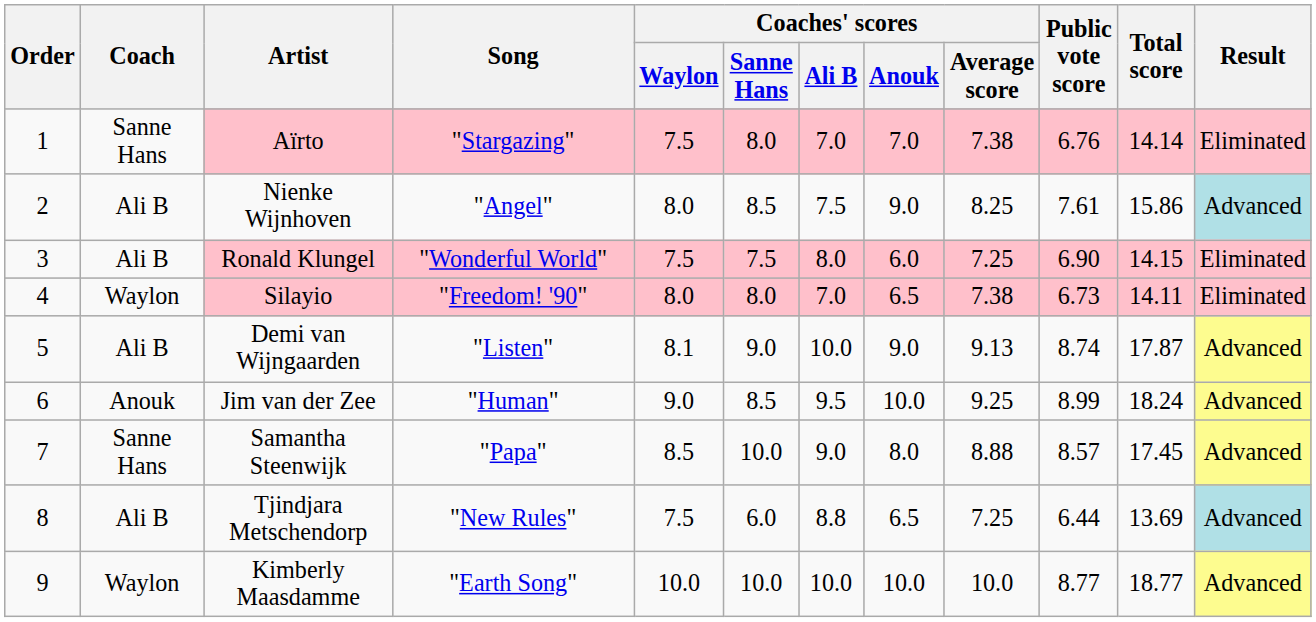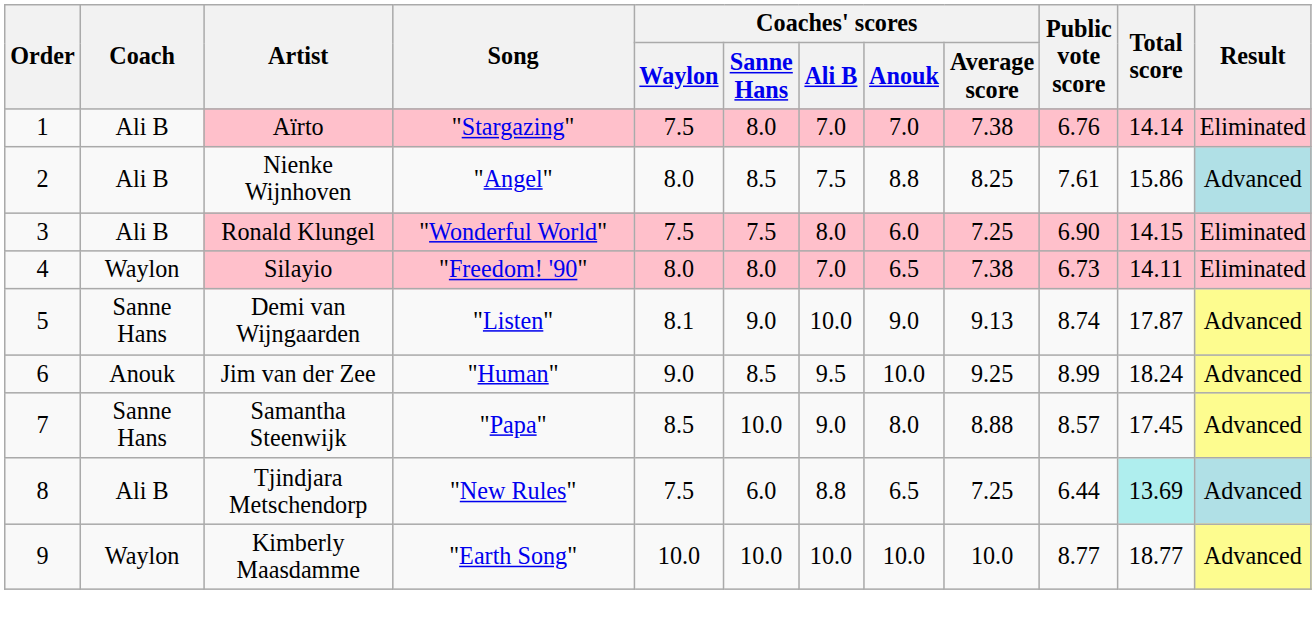 <table class="wikitable" style="text-align:center; width:98%;">
 <tr>
 <th scope="col" rowspan="2" style="width:05%;">Order</th>
 <th scope="col" rowspan="2" style="width:10%;">Coach</th>
 <th scope="col" rowspan="2" style="width:15%;">Artist</th>
 <th scope="col" rowspan="2" style="width:20%;">Song</th>
 <th scope="col" colspan="5" style="width:20%;">Coaches' scores</th>
 <th scope="col" rowspan="2" style="width:6%;">Public vote score</th>
 <th scope="col" rowspan="2" style="width:6%;">Total score</th>
 <th scope="col" rowspan="2" style="width:8%;">Result</th>
 </tr>
 <tr>
 <th style="width:5%;"><a href='#'>Waylon</a></th>
 <th style="width:5%;"><a href='#'>Sanne Hans</a></th>
 <th nowrap style="width:5%;"><a href='#'>Ali B</a></th>
 <th style="width:5%;"><a href='#'>Anouk</a></th>
 <th style="width:7%;">Average score</th>
 </tr>
 <tr>
 <td>1</td>
-<td>Sanne Hans</td>
+<td>Ali B</td>
 <td style="background:pink">Aïrto</td>
 <td style="background:pink">"<a href='#'>Stargazing</a>"</td>
 <td style="background:pink">7.5</td>
 <td style="background:pink">8.0</td>
 <td style="background:pink">7.0</td>
 <td style="background:pink">7.0</td>
 <td style="background:pink">7.38</td>
 <td style="background:pink">6.76</td>
 <td style="background:pink">14.14</td>
 <td style="background:pink">Eliminated</td>
 </tr>
 <tr>
 <td>2</td>
 <td>Ali B</td>
 <td>Nienke Wijnhoven</td>
 <td>"<a href='#'>Angel</a>"</td>
 <td>8.0</td>
 <td>8.5</td>
 <td>7.5</td>
-<td>9.0</td>
+<td>8.8</td>
 <td>8.25</td>
 <td>7.61</td>
 <td>15.86</td>
 <td style="background:#B0E0E6">Advanced</td>
 </tr>
 <tr>
 <td>3</td>
 <td>Ali B</td>
 <td style="background:pink">Ronald Klungel</td>
 <td style="background:pink">"<a href='#'>Wonderful World</a>"</td>
 <td style="background:pink">7.5</td>
 <td style="background:pink">7.5</td>
 <td style="background:pink">8.0</td>
 <td style="background:pink">6.0</td>
 <td style="background:pink">7.25</td>
 <td style="background:pink">6.90</td>
 <td style="background:pink">14.15</td>
 <td style="background:pink">Eliminated</td>
 </tr>
 <tr>
 <td>4</td>
 <td>Waylon</td>
 <td style="background:pink">Silayio</td>
 <td style="background:pink">"<a href='#'>Freedom! '90</a>"</td>
 <td style="background:pink">8.0</td>
 <td style="background:pink">8.0</td>
 <td style="background:pink">7.0</td>
 <td style="background:pink">6.5</td>
 <td style="background:pink">7.38</td>
 <td style="background:pink">6.73</td>
 <td style="background:pink">14.11</td>
 <td style="background:pink">Eliminated</td>
 </tr>
 <tr>
 <td>5</td>
-<td>Ali B</td>
+<td>Sanne Hans</td>
 <td>Demi van Wijngaarden</td>
 <td>"<a href='#'>Listen</a>"</td>
 <td>8.1</td>
 <td>9.0</td>
 <td>10.0</td>
 <td>9.0</td>
 <td>9.13</td>
 <td>8.74</td>
 <td>17.87</td>
 <td style="background:#fdfc8f;">Advanced</td>
 </tr>
 <tr>
 <td>6</td>
 <td>Anouk</td>
 <td>Jim van der Zee</td>
 <td>"<a href='#'>Human</a>"</td>
 <td>9.0</td>
 <td>8.5</td>
 <td>9.5</td>
 <td>10.0</td>
 <td>9.25</td>
 <td>8.99</td>
 <td>18.24</td>
 <td style="background:#fdfc8f;">Advanced</td>
 </tr>
 <tr>
 <td>7</td>
 <td>Sanne Hans</td>
 <td>Samantha Steenwijk</td>
 <td>"<a href='#'>Papa</a>"</td>
 <td>8.5</td>
 <td>10.0</td>
 <td>9.0</td>
 <td>8.0</td>
 <td>8.88</td>
 <td>8.57</td>
 <td>17.45</td>
 <td style="background:#fdfc8f;">Advanced</td>
 </tr>
 <tr>
 <td>8</td>
 <td>Ali B</td>
 <td>Tjindjara Metschendorp</td>
 <td>"<a href='#'>New Rules</a>"</td>
 <td>7.5</td>
 <td>6.0</td>
 <td>8.8</td>
 <td>6.5</td>
 <td>7.25</td>
 <td>6.44</td>
-<td>13.69</td>
+<td style="background: paleturquoise;">13.69</td>
 <td style="background:#B0E0E6">Advanced</td>
 </tr>
 <tr>
 <td>9</td>
 <td>Waylon</td>
 <td>Kimberly Maasdamme</td>
 <td>"<a href='#'>Earth Song</a>"</td>
 <td>10.0</td>
 <td>10.0</td>
 <td>10.0</td>
 <td>10.0</td>
 <td>10.0</td>
 <td>8.77</td>
 <td>18.77</td>
 <td style="background:#fdfc8f;">Advanced</td>
 </tr>
 </table>
